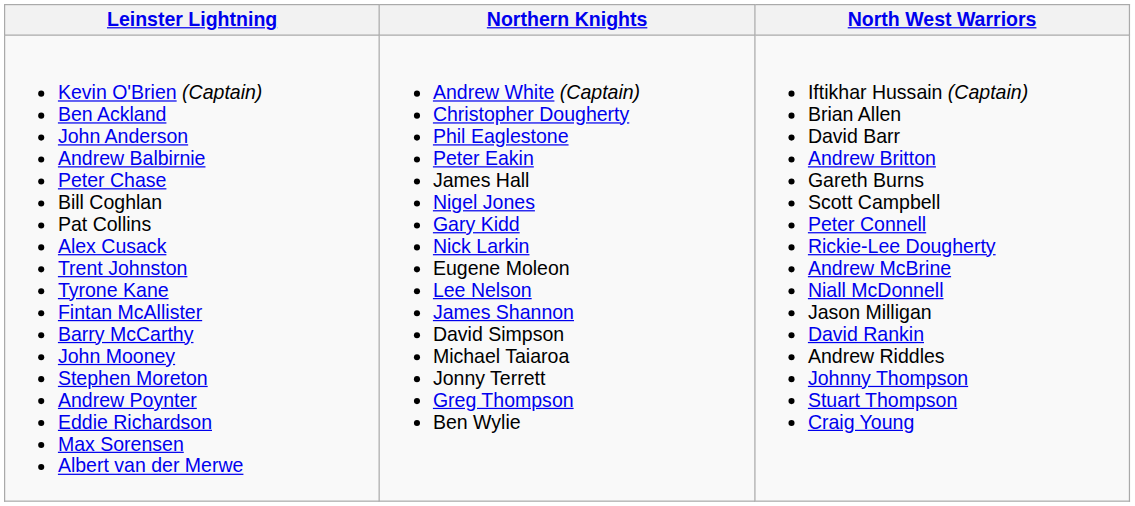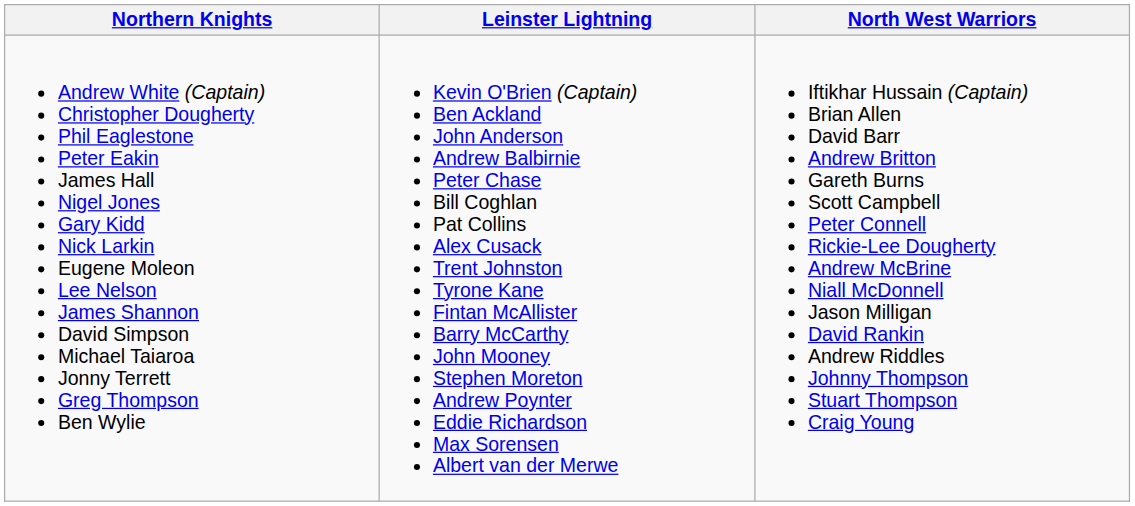 <table class="wikitable">
 <tr>
+<th width=300><a href='#'>Northern Knights</a></th>
 <th width=300><a href='#'>Leinster Lightning</a></th>
-<th width=300><a href='#'>Northern Knights</a></th>
 <th width=300><a href='#'>North West Warriors</a></th>
 </tr>
 <tr>
+<td valign=top><br><ul><li><a href='#'>Andrew White</a> <em>(Captain)</em></li><li><a href='#'>Christopher Dougherty</a></li><li><a href='#'>Phil Eaglestone</a></li><li><a href='#'>Peter Eakin</a></li><li>James Hall</li><li><a href='#'>Nigel Jones</a></li><li><a href='#'>Gary Kidd</a></li><li><a href='#'>Nick Larkin</a></li><li>Eugene Moleon</li><li><a href='#'>Lee Nelson</a></li><li><a href='#'>James Shannon</a></li><li>David Simpson</li><li>Michael Taiaroa</li><li>Jonny Terrett</li><li><a href='#'>Greg Thompson</a></li><li>Ben Wylie</li></ul></td>
 <td valign=top><br><ul><li><a href='#'>Kevin O'Brien</a> <em>(Captain)</em></li><li><a href='#'>Ben Ackland</a></li><li><a href='#'>John Anderson</a></li><li><a href='#'>Andrew Balbirnie</a></li><li><a href='#'>Peter Chase</a></li><li>Bill Coghlan</li><li>Pat Collins</li><li><a href='#'>Alex Cusack</a></li><li><a href='#'>Trent Johnston</a></li><li><a href='#'>Tyrone Kane</a></li><li><a href='#'>Fintan McAllister</a></li><li><a href='#'>Barry McCarthy</a></li><li><a href='#'>John Mooney</a></li><li><a href='#'>Stephen Moreton</a></li><li><a href='#'>Andrew Poynter</a></li><li><a href='#'>Eddie Richardson</a></li><li><a href='#'>Max Sorensen</a></li><li><a href='#'>Albert van der Merwe</a></li></ul></td>
-<td valign=top><br><ul><li><a href='#'>Andrew White</a> <em>(Captain)</em></li><li><a href='#'>Christopher Dougherty</a></li><li><a href='#'>Phil Eaglestone</a></li><li><a href='#'>Peter Eakin</a></li><li>James Hall</li><li><a href='#'>Nigel Jones</a></li><li><a href='#'>Gary Kidd</a></li><li><a href='#'>Nick Larkin</a></li><li>Eugene Moleon</li><li><a href='#'>Lee Nelson</a></li><li><a href='#'>James Shannon</a></li><li>David Simpson</li><li>Michael Taiaroa</li><li>Jonny Terrett</li><li><a href='#'>Greg Thompson</a></li><li>Ben Wylie</li></ul></td>
 <td valign=top><br><ul><li>Iftikhar Hussain <em>(Captain)</em></li><li>Brian Allen</li><li>David Barr</li><li><a href='#'>Andrew Britton</a></li><li>Gareth Burns</li><li>Scott Campbell</li><li><a href='#'>Peter Connell</a></li><li><a href='#'>Rickie-Lee Dougherty</a></li><li><a href='#'>Andrew McBrine</a></li><li><a href='#'>Niall McDonnell</a></li><li>Jason Milligan</li><li><a href='#'>David Rankin</a></li><li>Andrew Riddles</li><li><a href='#'>Johnny Thompson</a></li><li><a href='#'>Stuart Thompson</a></li><li><a href='#'>Craig Young</a></li></ul></td>
 </tr>
 </table>
